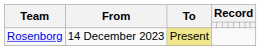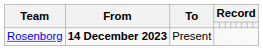 <table class="wikitable" style="text-align: center">
 <tr>
 <th rowspan="2">Team</th>
 <th rowspan="2">From</th>
 <th rowspan="2">To</th>
 <th colspan="8">Record</th>
 </tr>
 <tr>
 <th></th>
 <th></th>
 <th></th>
 <th></th>
 <th></th>
 <th></th>
 <th></th>
 <th></th>
 </tr>
 <tr>
 <td><a href='#'>Rosenborg</a></td>
-<td>14 December 2023</td>
-<td style="background: khaki;">Present<br></td>
+<td><strong>14 December 2023</strong></td>
+<td>Present<br></td>
 </tr>
 </table>
